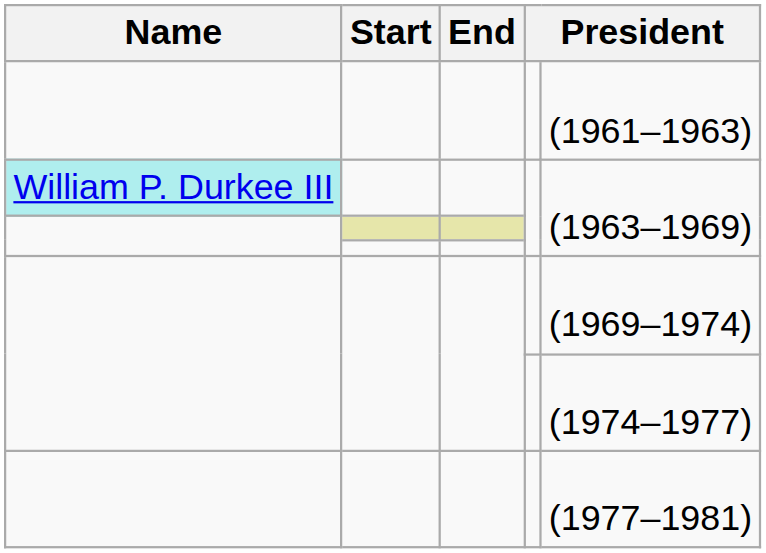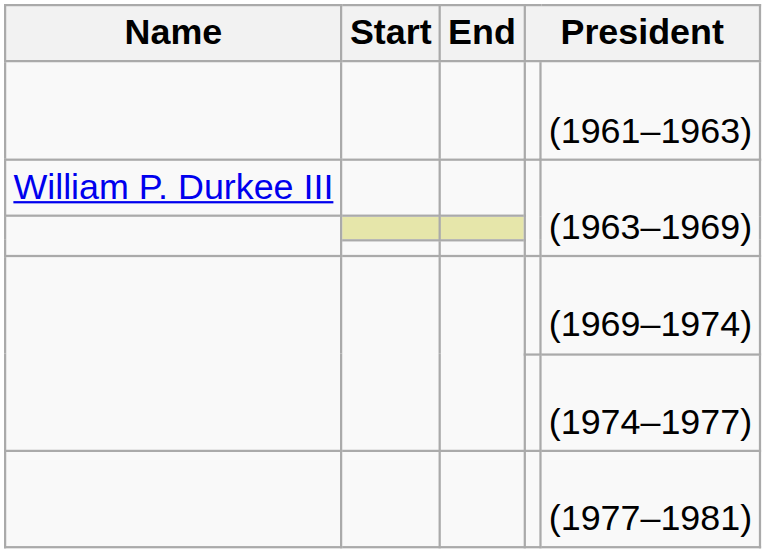 <table class="wikitable sortable">
 <tr>
 <th>Name</th>
 <th>Start</th>
 <th>End</th>
 <th colspan=2>President</th>
 </tr>
 <tr>
 <td rowspan=2></td>
 <td rowspan=2></td>
 <td rowspan=2></td>
 <td style="background: "></td>
 <td><br>(1961–1963)</td>
 </tr>
 <tr>
 <td rowspan=4 style="background: "></td>
 <td rowspan=4><br>(1963–1969)</td>
 </tr>
 <tr>
-<td style="background: paleturquoise;"><a href='#'>William P. Durkee III</a></td>
+<td><a href='#'>William P. Durkee III</a></td>
 <td></td>
 <td></td>
 </tr>
 <tr>
 <td rowspan=2></td>
 <td style="background-color:#E6E6AA;"></td>
 <td style="background-color:#E6E6AA;"></td>
 </tr>
 <tr>
 <td></td>
 <td></td>
 </tr>
 <tr>
 <td rowspan=2></td>
 <td rowspan=2></td>
 <td rowspan=2></td>
 <td style="background: "></td>
 <td><br>(1969–1974)</td>
 </tr>
 <tr>
 <td style="background: "></td>
 <td><br>(1974–1977)</td>
 </tr>
 <tr>
 <td></td>
 <td></td>
 <td></td>
 <td style="background: "></td>
 <td><br>(1977–1981)</td>
 </tr>
 </table>
